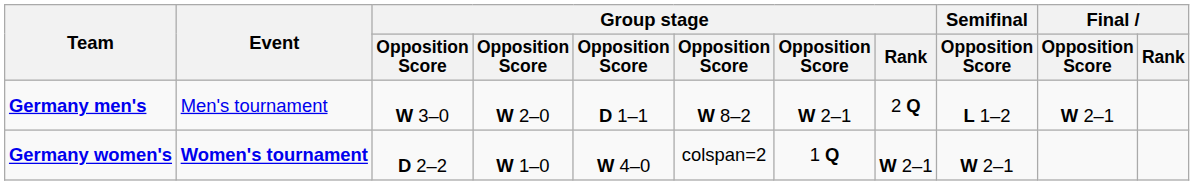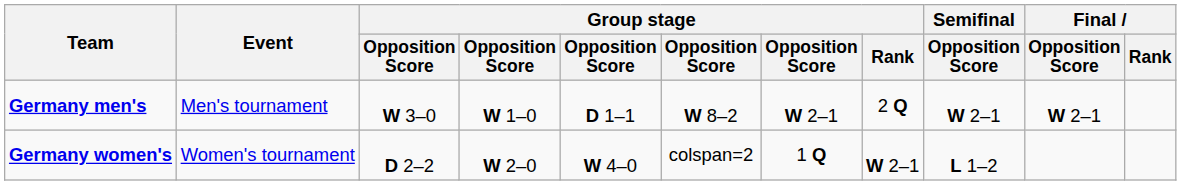 <table class="wikitable" style="font-size:90%">
 <tr>
 <th rowspan=2>Team</th>
 <th rowspan=2>Event</th>
 <th colspan=6>Group stage</th>
 <th>Semifinal</th>
 <th colspan=2>Final / </th>
 </tr>
 <tr style="font-size:95%">
 <th>Opposition<br>Score</th>
 <th>Opposition<br>Score</th>
 <th>Opposition<br>Score</th>
 <th>Opposition<br>Score</th>
 <th>Opposition<br>Score</th>
 <th>Rank</th>
 <th>Opposition<br>Score</th>
 <th>Opposition<br>Score</th>
 <th>Rank</th>
 </tr>
 <tr align=center>
 <td align=left><strong><a href='#'>Germany men's</a></strong></td>
 <td align=left><a href='#'>Men's tournament</a></td>
 <td><br><strong>W</strong> 3–0</td>
-<td><br><strong>W</strong> 2–0</td>
+<td><br><strong>W</strong> 1–0</td>
 <td><br><strong>D</strong> 1–1</td>
 <td><br><strong>W</strong> 8–2</td>
 <td><br><strong>W</strong> 2–1</td>
 <td>2 <strong>Q</strong></td>
-<td><br><strong>L</strong> 1–2</td>
+<td><br><strong>W</strong> 2–1</td>
 <td><br><strong>W</strong> 2–1</td>
 <td></td>
 </tr>
 <tr align=center>
 <td align=left><strong><a href='#'>Germany women's</a></strong></td>
-<td align=left><strong><a href='#'>Women's tournament</a></strong></td>
+<td align=left><a href='#'>Women's tournament</a></td>
 <td><br><strong>D</strong> 2–2</td>
-<td><br><strong>W</strong> 1–0</td>
+<td><br><strong>W</strong> 2–0</td>
 <td><br><strong>W</strong> 4–0</td>
 <td>colspan=2</td>
 <td>1 <strong>Q</strong></td>
 <td><br><strong>W</strong> 2–1</td>
-<td><br><strong>W</strong> 2–1</td>
+<td><br><strong>L</strong> 1–2</td>
 <td></td>
 </tr>
 </table>
